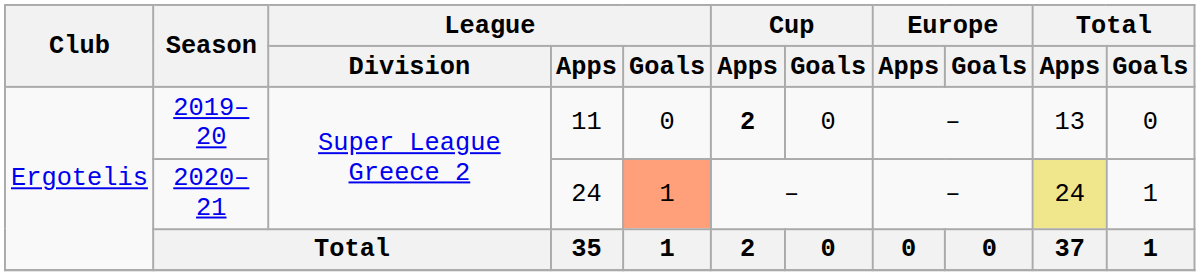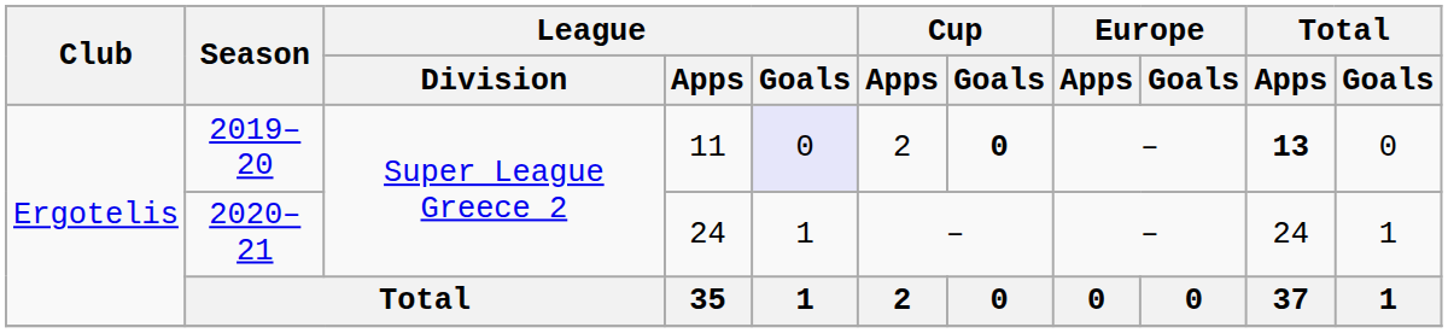 <table class="wikitable" style="text-align: center;">
 <tr>
 <th rowspan="2">Club</th>
 <th rowspan="2">Season</th>
 <th colspan="3">League</th>
 <th colspan="2">Cup</th>
 <th colspan="2">Europe</th>
 <th colspan="2">Total</th>
 </tr>
 <tr>
 <th>Division</th>
 <th>Apps</th>
 <th>Goals</th>
 <th>Apps</th>
 <th>Goals</th>
 <th>Apps</th>
 <th>Goals</th>
 <th>Apps</th>
 <th>Goals</th>
 </tr>
 <tr>
 <td rowspan="3" valign="center"><a href='#'>Ergotelis</a></td>
 <td><a href='#'>2019–20</a></td>
 <td rowspan="2"><a href='#'>Super League Greece 2</a></td>
 <td>11</td>
-<td>0</td>
-<td><strong>2</strong></td>
-<td>0</td>
+<td style="background: lavender;">0</td>
+<td>2</td>
+<td><strong>0</strong></td>
 <td colspan="2">–</td>
-<td>13</td>
+<td><strong>13</strong></td>
 <td>0</td>
 </tr>
 <tr>
 <td><a href='#'>2020–21</a></td>
 <td>24</td>
-<td style="background: lightsalmon;">1</td>
+<td>1</td>
 <td colspan="2">–</td>
 <td colspan="2">–</td>
-<td style="background: khaki;">24</td>
+<td>24</td>
 <td>1</td>
 </tr>
 <tr>
 <th colspan="2">Total</th>
 <th>35</th>
 <th>1</th>
 <th>2</th>
 <th>0</th>
 <th>0</th>
 <th>0</th>
 <th>37</th>
 <th>1</th>
 </tr>
 <tr>
 </tr>
 </table>
